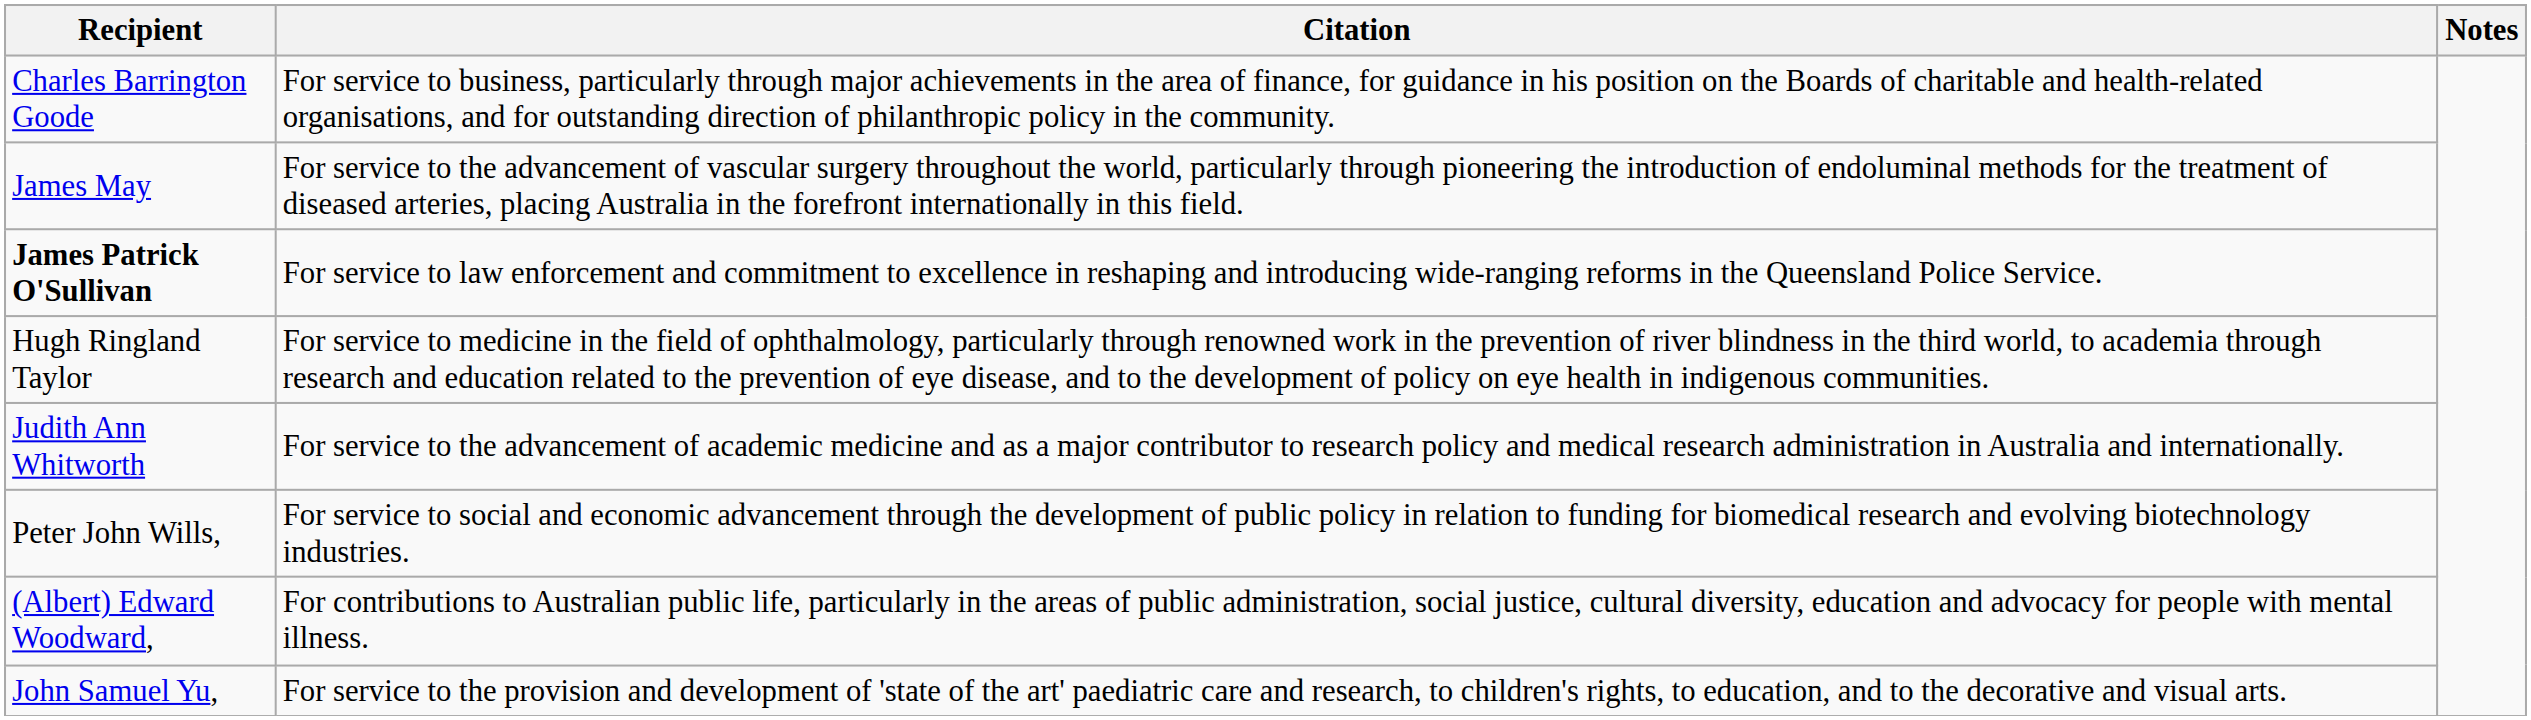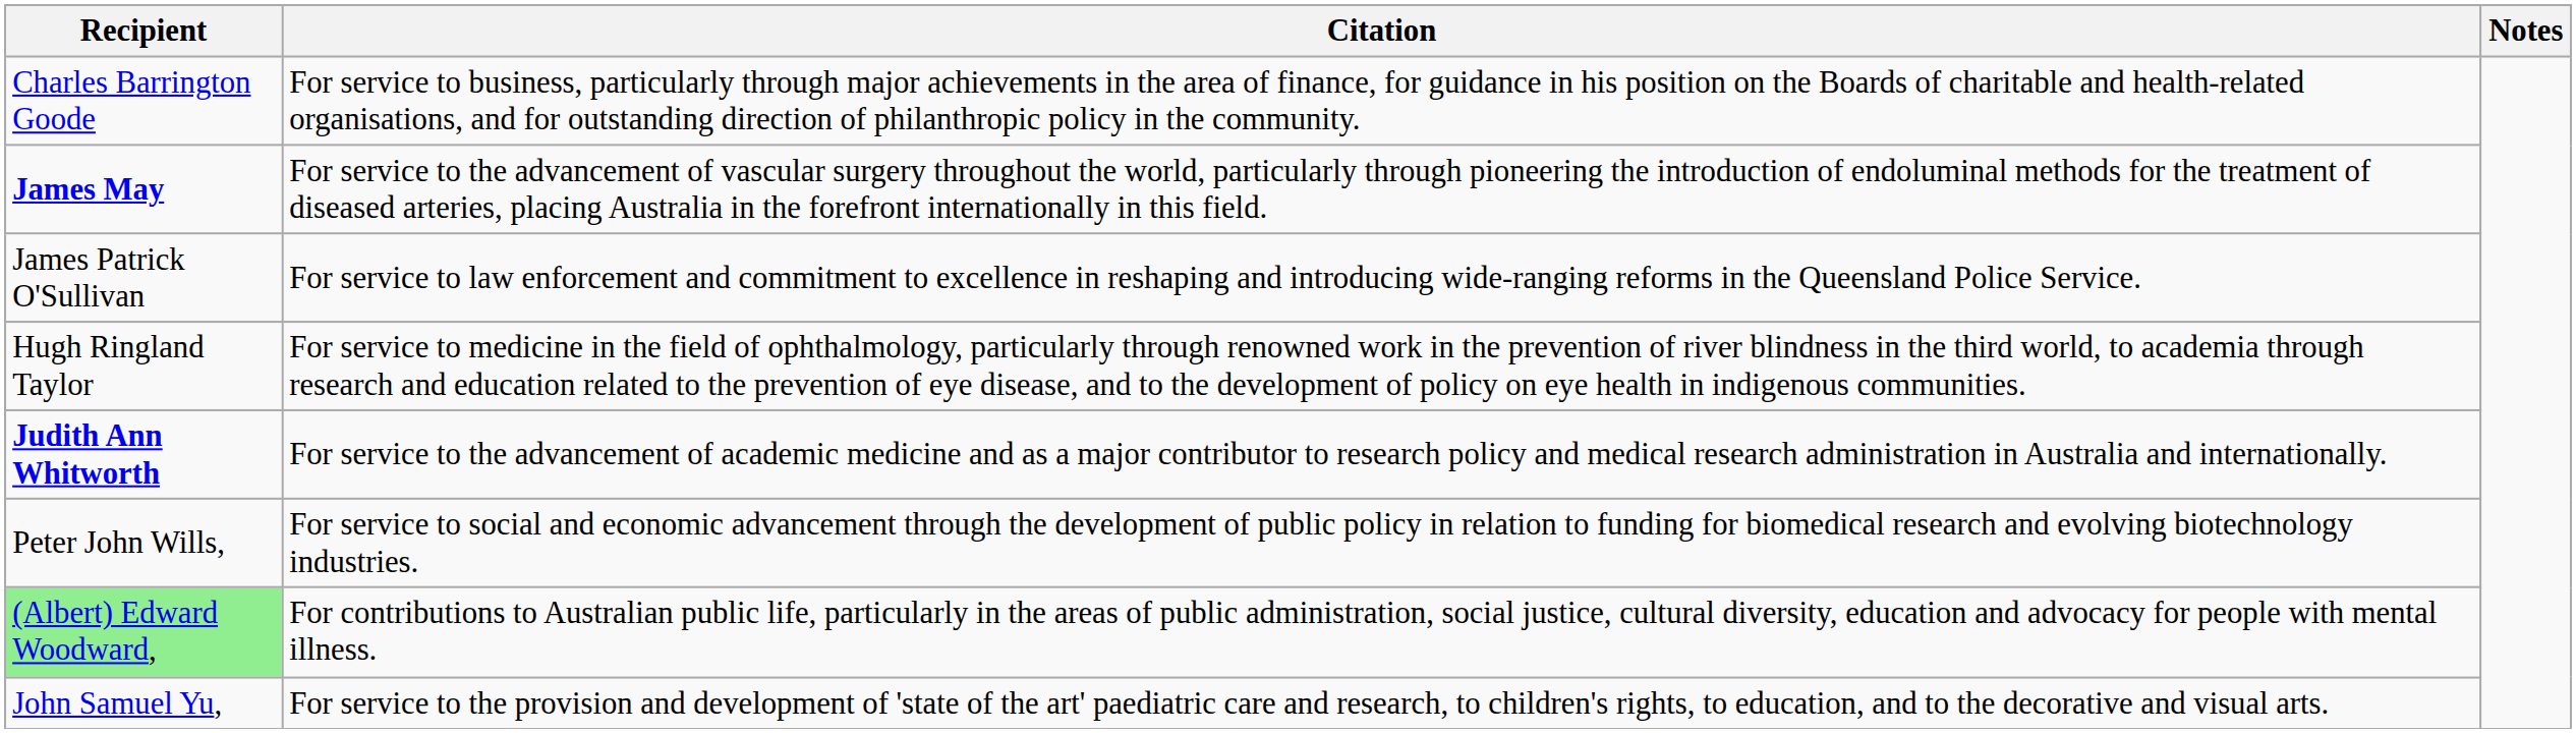 <table class="wikitable" style="font-size:95%;">
 <tr>
 <th>Recipient</th>
 <th>Citation</th>
 <th>Notes</th>
 </tr>
 <tr>
 <td><a href='#'>Charles Barrington Goode</a></td>
 <td>For service to business, particularly through major achievements in the area of finance, for guidance in his position on the Boards of charitable and health-related organisations, and for outstanding direction of philanthropic policy in the community.</td>
 <td rowspan=8></td>
 </tr>
 <tr>
-<td> <a href='#'>James May</a></td>
+<td><strong> <a href='#'>James May</a></strong></td>
 <td>For service to the advancement of vascular surgery throughout the world, particularly through pioneering the introduction of endoluminal methods for the treatment of diseased arteries, placing Australia in the forefront internationally in this field.</td>
 </tr>
 <tr>
-<td><strong> James Patrick O'Sullivan </strong></td>
+<td> James Patrick O'Sullivan </td>
 <td>For service to law enforcement and commitment to excellence in reshaping and introducing wide-ranging reforms in the Queensland Police Service.</td>
 </tr>
 <tr>
 <td> Hugh Ringland Taylor</td>
 <td>For service to medicine in the field of ophthalmology, particularly through renowned work in the prevention of river blindness in the third world, to academia through research and education related to the prevention of eye disease, and to the development of policy on eye health in indigenous communities.</td>
 </tr>
 <tr>
-<td> <a href='#'>Judith Ann Whitworth</a></td>
+<td><strong> <a href='#'>Judith Ann Whitworth</a></strong></td>
 <td>For service to the advancement of academic medicine and as a major contributor to research policy and medical research administration in Australia and internationally.</td>
 </tr>
 <tr>
 <td>Peter John Wills, </td>
 <td>For service to social and economic advancement through the development of public policy in relation to funding for biomedical research and evolving biotechnology industries.</td>
 </tr>
 <tr>
-<td> <a href='#'>(Albert) Edward Woodward</a>, </td>
+<td style="background: lightgreen;"> <a href='#'>(Albert) Edward Woodward</a>, </td>
 <td>For contributions to Australian public life, particularly in the areas of public administration, social justice, cultural diversity, education and advocacy for people with mental illness.</td>
 </tr>
 <tr>
 <td> <a href='#'>John Samuel Yu</a>, </td>
 <td>For service to the provision and development of 'state of the art' paediatric care and research, to children's rights, to education, and to the decorative and visual arts.</td>
 </tr>
 </table>
